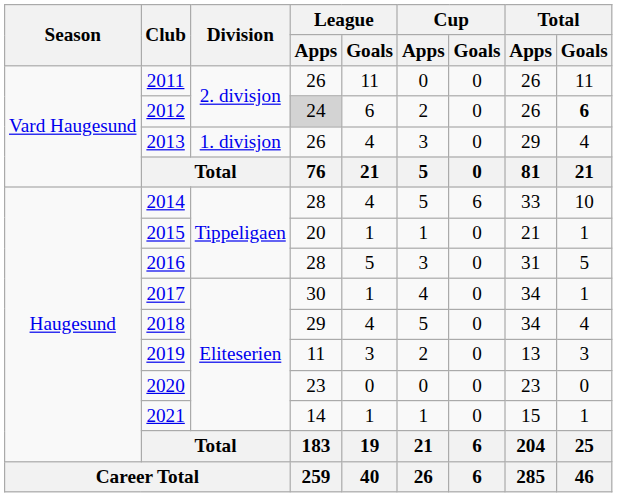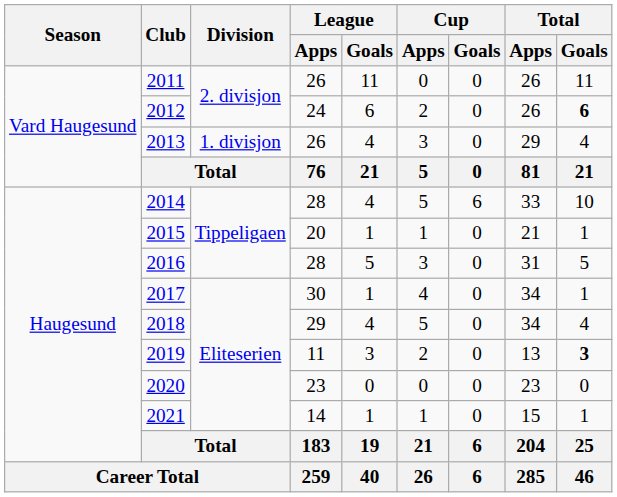 <table class="wikitable" style="text-align: center;">
 <tr>
 <th rowspan="2">Season</th>
 <th rowspan="2">Club</th>
 <th rowspan="2">Division</th>
 <th colspan="2">League</th>
 <th colspan="2">Cup</th>
 <th colspan="2">Total</th>
 </tr>
 <tr>
 <th>Apps</th>
 <th>Goals</th>
 <th>Apps</th>
 <th>Goals</th>
 <th>Apps</th>
 <th>Goals</th>
 </tr>
 <tr>
 <td rowspan="4" valign="center"><a href='#'>Vard Haugesund</a></td>
 <td><a href='#'>2011</a></td>
 <td rowspan="2" valign="center"><a href='#'>2. divisjon</a></td>
 <td>26</td>
 <td>11</td>
 <td>0</td>
 <td>0</td>
 <td>26</td>
 <td>11</td>
 </tr>
 <tr>
 <td><a href='#'>2012</a></td>
-<td style="background: lightgrey;">24</td>
+<td>24</td>
 <td>6</td>
 <td>2</td>
 <td>0</td>
 <td>26</td>
 <td><strong>6</strong></td>
 </tr>
 <tr>
 <td><a href='#'>2013</a></td>
 <td><a href='#'>1. divisjon</a></td>
 <td>26</td>
 <td>4</td>
 <td>3</td>
 <td>0</td>
 <td>29</td>
 <td>4</td>
 </tr>
 <tr>
 <th colspan="2">Total</th>
 <th>76</th>
 <th>21</th>
 <th>5</th>
 <th>0</th>
 <th>81</th>
 <th>21</th>
 </tr>
 <tr>
 <td rowspan="9" valign="center"><a href='#'>Haugesund</a></td>
 <td><a href='#'>2014</a></td>
 <td rowspan="3" valign="center"><a href='#'>Tippeligaen</a></td>
 <td>28</td>
 <td>4</td>
 <td>5</td>
 <td>6</td>
 <td>33</td>
 <td>10</td>
 </tr>
 <tr>
 <td><a href='#'>2015</a></td>
 <td>20</td>
 <td>1</td>
 <td>1</td>
 <td>0</td>
 <td>21</td>
 <td>1</td>
 </tr>
 <tr>
 <td><a href='#'>2016</a></td>
 <td>28</td>
 <td>5</td>
 <td>3</td>
 <td>0</td>
 <td>31</td>
 <td>5</td>
 </tr>
 <tr>
 <td><a href='#'>2017</a></td>
 <td rowspan="5" valign="center"><a href='#'>Eliteserien</a></td>
 <td>30</td>
 <td>1</td>
 <td>4</td>
 <td>0</td>
 <td>34</td>
 <td>1</td>
 </tr>
 <tr>
 <td><a href='#'>2018</a></td>
 <td>29</td>
 <td>4</td>
 <td>5</td>
 <td>0</td>
 <td>34</td>
 <td>4</td>
 </tr>
 <tr>
 <td><a href='#'>2019</a></td>
 <td>11</td>
 <td>3</td>
 <td>2</td>
 <td>0</td>
 <td>13</td>
-<td>3</td>
+<td><strong>3</strong></td>
 </tr>
 <tr>
 <td><a href='#'>2020</a></td>
 <td>23</td>
 <td>0</td>
 <td>0</td>
 <td>0</td>
 <td>23</td>
 <td>0</td>
 </tr>
 <tr>
 <td><a href='#'>2021</a></td>
 <td>14</td>
 <td>1</td>
 <td>1</td>
 <td>0</td>
 <td>15</td>
 <td>1</td>
 </tr>
 <tr>
 <th colspan="2">Total</th>
 <th>183</th>
 <th>19</th>
 <th>21</th>
 <th>6</th>
 <th>204</th>
 <th>25</th>
 </tr>
 <tr>
 <th colspan="3">Career Total</th>
 <th>259</th>
 <th>40</th>
 <th>26</th>
 <th>6</th>
 <th>285</th>
 <th>46</th>
 </tr>
 </table>
